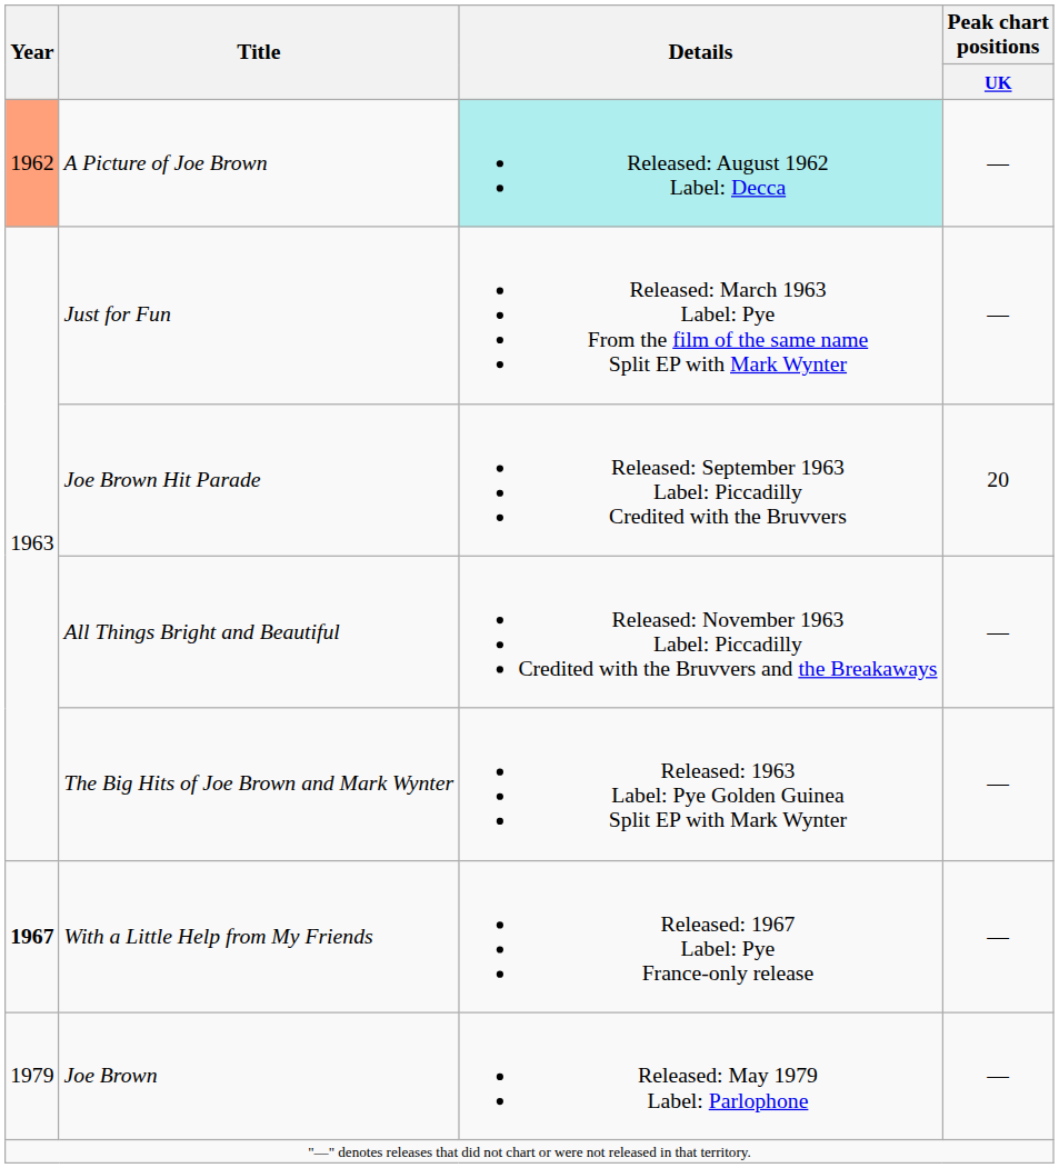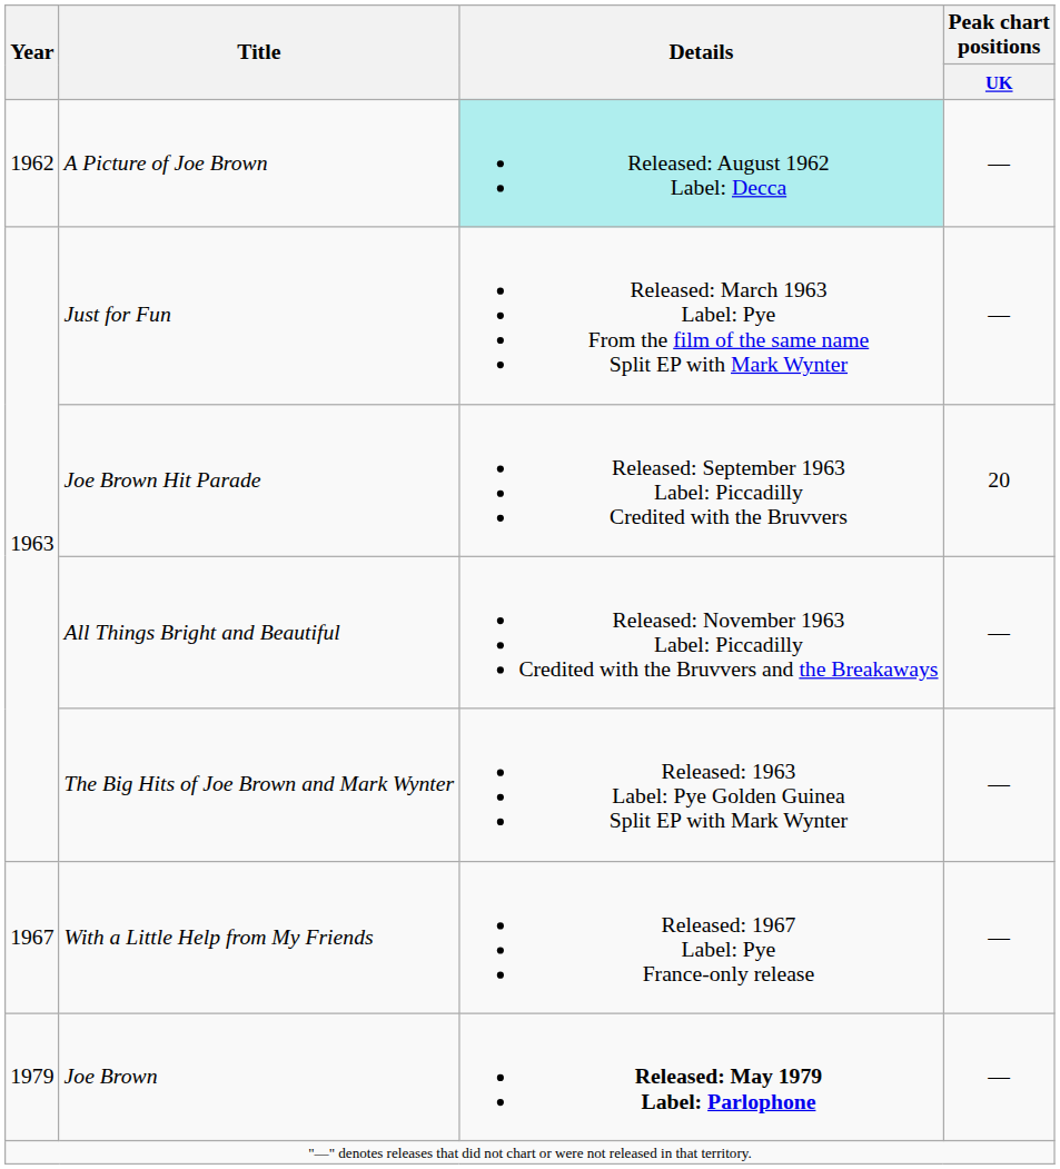 <table class="wikitable" style="text-align:center">
 <tr>
 <th rowspan="2">Year</th>
 <th rowspan="2">Title</th>
 <th rowspan="2">Details</th>
 <th scope="col">Peak chart<br>positions</th>
 </tr>
 <tr>
 <th><small><a href='#'>UK</a></small><br></th>
 </tr>
 <tr>
-<td style="background: lightsalmon;">1962</td>
+<td>1962</td>
 <td align="left"><em>A Picture of Joe Brown</em></td>
 <td style="background: paleturquoise;"><br><ul><li>Released: August 1962</li><li>Label: <a href='#'>Decca</a></li></ul></td>
 <td>—</td>
 </tr>
 <tr>
 <td rowspan="4">1963</td>
 <td align="left"><em>Just for Fun</em></td>
 <td><br><ul><li>Released: March 1963</li><li>Label: Pye</li><li>From the <a href='#'>film of the same name</a></li><li>Split EP with <a href='#'>Mark Wynter</a></li></ul></td>
 <td>—</td>
 </tr>
 <tr>
 <td align="left"><em>Joe Brown Hit Parade</em></td>
 <td><br><ul><li>Released: September 1963</li><li>Label: Piccadilly</li><li>Credited with the Bruvvers</li></ul></td>
 <td>20</td>
 </tr>
 <tr>
 <td align="left"><em>All Things Bright and Beautiful</em></td>
 <td><br><ul><li>Released: November 1963</li><li>Label: Piccadilly</li><li>Credited with the Bruvvers and <a href='#'>the Breakaways</a></li></ul></td>
 <td>—</td>
 </tr>
 <tr>
 <td align="left"><em>The Big Hits of Joe Brown and Mark Wynter</em></td>
 <td><br><ul><li>Released: 1963</li><li>Label: Pye Golden Guinea</li><li>Split EP with Mark Wynter</li></ul></td>
 <td>—</td>
 </tr>
 <tr>
-<td><strong>1967</strong></td>
+<td>1967</td>
 <td align="left"><em>With a Little Help from My Friends</em></td>
 <td><br><ul><li>Released: 1967</li><li>Label: Pye</li><li>France-only release</li></ul></td>
 <td>—</td>
 </tr>
 <tr>
 <td>1979</td>
 <td align="left"><em>Joe Brown</em></td>
-<td><br><ul><li>Released: May 1979</li><li>Label: <a href='#'>Parlophone</a></li></ul></td>
+<td><strong><br><ul><li>Released: May 1979</li><li>Label: <a href='#'>Parlophone</a></li></ul></strong></td>
 <td>—</td>
 </tr>
 <tr>
 <td colspan="4" style="font-size:8pt">"—" denotes releases that did not chart or were not released in that territory.</td>
 </tr>
 </table>
